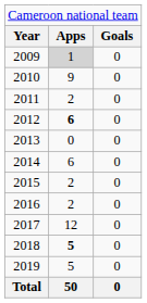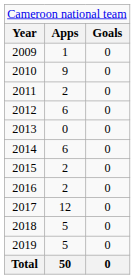 <table class="wikitable" style="text-align:center">
 <tr>
 <td colspan="3"><a href='#'>Cameroon national team</a></td>
 </tr>
 <tr>
 <th>Year</th>
 <th>Apps</th>
 <th>Goals</th>
 </tr>
 <tr>
 <td>2009</td>
-<td style="background: lightgrey;">1</td>
+<td>1</td>
 <td>0</td>
 </tr>
 <tr>
 <td>2010</td>
 <td>9</td>
 <td>0</td>
 </tr>
 <tr>
 <td>2011</td>
 <td>2</td>
 <td>0</td>
 </tr>
 <tr>
 <td>2012</td>
-<td><strong>6</strong></td>
+<td>6</td>
 <td>0</td>
 </tr>
 <tr>
 <td>2013</td>
 <td>0</td>
 <td>0</td>
 </tr>
 <tr>
 <td>2014</td>
 <td>6</td>
 <td>0</td>
 </tr>
 <tr>
 <td>2015</td>
 <td>2</td>
 <td>0</td>
 </tr>
 <tr>
 <td>2016</td>
 <td>2</td>
 <td>0</td>
 </tr>
 <tr>
 <td>2017</td>
 <td>12</td>
 <td>0</td>
 </tr>
 <tr>
 <td>2018</td>
-<td><strong>5</strong></td>
+<td>5</td>
 <td>0</td>
 </tr>
 <tr>
 <td>2019</td>
 <td>5</td>
 <td>0</td>
 </tr>
 <tr>
 <th>Total</th>
 <th>50</th>
 <th>0</th>
 </tr>
 </table>
